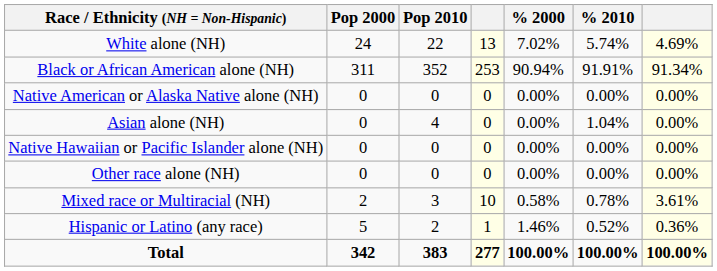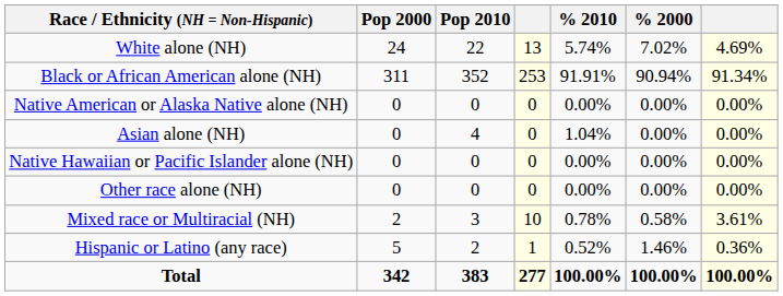 <table class="wikitable" style="text-align:center;">
 <tr>
 <th>Race / Ethnicity <small>(<em>NH = Non-Hispanic</em>)</small></th>
 <th>Pop 2000</th>
 <th>Pop 2010</th>
 <th></th>
+<th>% 2010</th>
 <th>% 2000</th>
-<th>% 2010</th>
 <th></th>
 </tr>
 <tr>
 <td><a href='#'>White</a> alone (NH)</td>
 <td>24</td>
 <td>22</td>
 <td style='background: #ffffe6;'>13</td>
+<td>5.74%</td>
 <td>7.02%</td>
-<td>5.74%</td>
 <td style='background: #ffffe6;'>4.69%</td>
 </tr>
 <tr>
 <td><a href='#'>Black or African American</a> alone (NH)</td>
 <td>311</td>
 <td>352</td>
 <td style='background: #ffffe6;'>253</td>
+<td>91.91%</td>
 <td>90.94%</td>
-<td>91.91%</td>
 <td style='background: #ffffe6;'>91.34%</td>
 </tr>
 <tr>
 <td><a href='#'>Native American</a> or <a href='#'>Alaska Native</a> alone (NH)</td>
 <td>0</td>
 <td>0</td>
 <td style='background: #ffffe6;'>0</td>
 <td>0.00%</td>
 <td>0.00%</td>
 <td style='background: #ffffe6;'>0.00%</td>
 </tr>
 <tr>
 <td><a href='#'>Asian</a> alone (NH)</td>
 <td>0</td>
 <td>4</td>
 <td style='background: #ffffe6;'>0</td>
+<td>1.04%</td>
 <td>0.00%</td>
-<td>1.04%</td>
 <td style='background: #ffffe6;'>0.00%</td>
 </tr>
 <tr>
 <td><a href='#'>Native Hawaiian</a> or <a href='#'>Pacific Islander</a> alone (NH)</td>
 <td>0</td>
 <td>0</td>
 <td style='background: #ffffe6;'>0</td>
 <td>0.00%</td>
 <td>0.00%</td>
 <td style='background: #ffffe6;'>0.00%</td>
 </tr>
 <tr>
 <td><a href='#'>Other race</a> alone (NH)</td>
 <td>0</td>
 <td>0</td>
 <td style='background: #ffffe6;'>0</td>
 <td>0.00%</td>
 <td>0.00%</td>
 <td style='background: #ffffe6;'>0.00%</td>
 </tr>
 <tr>
 <td><a href='#'>Mixed race or Multiracial</a> (NH)</td>
 <td>2</td>
 <td>3</td>
 <td style='background: #ffffe6;'>10</td>
+<td>0.78%</td>
 <td>0.58%</td>
-<td>0.78%</td>
 <td style='background: #ffffe6;'>3.61%</td>
 </tr>
 <tr>
 <td><a href='#'>Hispanic or Latino</a> (any race)</td>
 <td>5</td>
 <td>2</td>
 <td style='background: #ffffe6;'>1</td>
+<td>0.52%</td>
 <td>1.46%</td>
-<td>0.52%</td>
 <td style='background: #ffffe6;'>0.36%</td>
 </tr>
 <tr>
 <td><strong>Total</strong></td>
 <td><strong>342</strong></td>
 <td><strong>383</strong></td>
 <td style='background: #ffffe6;'><strong>277</strong></td>
 <td><strong>100.00%</strong></td>
 <td><strong>100.00%</strong></td>
 <td style='background: #ffffe6;'><strong>100.00%</strong></td>
 </tr>
 </table>
